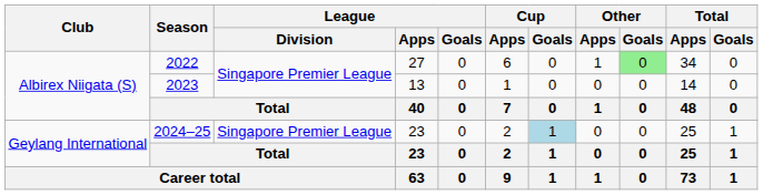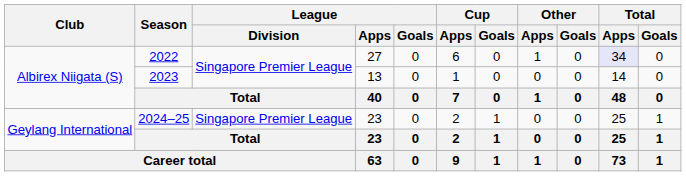 <table class="wikitable" style="text-align: center">
 <tr>
 <th rowspan="2">Club</th>
 <th rowspan="2">Season</th>
 <th colspan="3">League</th>
 <th colspan="2">Cup</th>
 <th colspan="2">Other</th>
 <th colspan="2">Total</th>
 </tr>
 <tr>
 <th>Division</th>
 <th>Apps</th>
 <th>Goals</th>
 <th>Apps</th>
 <th>Goals</th>
 <th>Apps</th>
 <th>Goals</th>
 <th>Apps</th>
 <th>Goals</th>
 </tr>
 <tr>
 <td rowspan="3"><a href='#'>Albirex Niigata (S)</a></td>
 <td><a href='#'>2022</a></td>
 <td rowspan="2"><a href='#'>Singapore Premier League</a></td>
 <td>27</td>
 <td>0</td>
 <td>6</td>
 <td>0</td>
 <td>1</td>
-<td style="background: lightgreen;">0</td>
-<td>34</td>
+<td>0</td>
+<td style="background: lavender;">34</td>
 <td>0</td>
 </tr>
 <tr>
 <td><a href='#'>2023</a></td>
 <td>13</td>
 <td>0</td>
 <td>1</td>
 <td>0</td>
 <td>0</td>
 <td>0</td>
 <td>14</td>
 <td>0</td>
 </tr>
 <tr>
 <th colspan=2>Total</th>
 <th>40</th>
 <th>0</th>
 <th>7</th>
 <th>0</th>
 <th>1</th>
 <th>0</th>
 <th>48</th>
 <th>0</th>
 </tr>
 <tr>
 <td rowspan="2"><a href='#'>Geylang International</a></td>
 <td><a href='#'>2024–25</a></td>
 <td rowspan="1"><a href='#'>Singapore Premier League</a></td>
 <td>23</td>
 <td>0</td>
 <td>2</td>
-<td style="background: lightblue;">1</td>
+<td>1</td>
 <td>0</td>
 <td>0</td>
 <td>25</td>
 <td>1</td>
 </tr>
 <tr>
 <th colspan=2>Total</th>
 <th>23</th>
 <th>0</th>
 <th>2</th>
 <th>1</th>
 <th>0</th>
 <th>0</th>
 <th>25</th>
 <th>1</th>
 </tr>
 <tr>
 <th colspan=3>Career total</th>
 <th>63</th>
 <th>0</th>
 <th>9</th>
 <th>1</th>
 <th>1</th>
 <th>0</th>
 <th>73</th>
 <th>1</th>
 </tr>
 </table>
